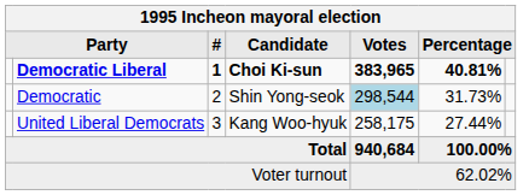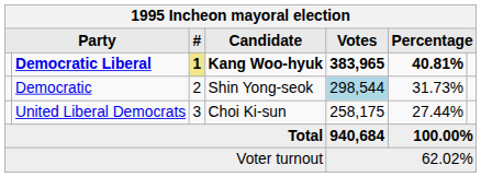 <table class="wikitable">
 <tr>
 <th colspan="7">1995 Incheon mayoral election</th>
 </tr>
 <tr>
 <th style="background-color:#E9E9E9" colspan=2>Party</th>
 <th style="background-color:#E9E9E9">#</th>
 <th style="background-color:#E9E9E9">Candidate</th>
 <th style="background-color:#E9E9E9">Votes</th>
 <th style="background-color:#E9E9E9" colspan=2>Percentage</th>
 </tr>
 <tr style="font-weight:bold">
 <td></td>
 <td align=left><a href='#'>Democratic Liberal</a></td>
-<td align=center>1</td>
-<td align=left>Choi Ki-sun</td>
+<td align=center style="background: khaki;">1</td>
+<td align=left>Kang Woo-hyuk</td>
 <td align=right>383,965</td>
 <td align=right>40.81%</td>
 <td align=right></td>
 </tr>
 <tr>
 <td></td>
 <td align=left><a href='#'>Democratic</a></td>
 <td align=center>2</td>
 <td align=left>Shin Yong-seok</td>
 <td align=right style="background: lightblue;">298,544</td>
 <td align=right>31.73%</td>
 <td align=right></td>
 </tr>
 <tr>
 <td></td>
 <td align=left><a href='#'>United Liberal Democrats</a></td>
 <td align=center>3</td>
-<td align=left>Kang Woo-hyuk</td>
+<td align=left>Choi Ki-sun</td>
 <td align=right>258,175</td>
 <td align=right>27.44%</td>
 <td align=right></td>
 </tr>
 <tr bgcolor="#EEEEEE" style="font-weight:bold">
 <td colspan="4" align=right>Total</td>
 <td align=right>940,684</td>
 <td align=right colspan=2>100.00%</td>
 </tr>
 <tr bgcolor="#EEEEEE">
 <td colspan="4" align="right">Voter turnout</td>
 <td colspan="3" align="right">62.02%</td>
 </tr>
 </table>
